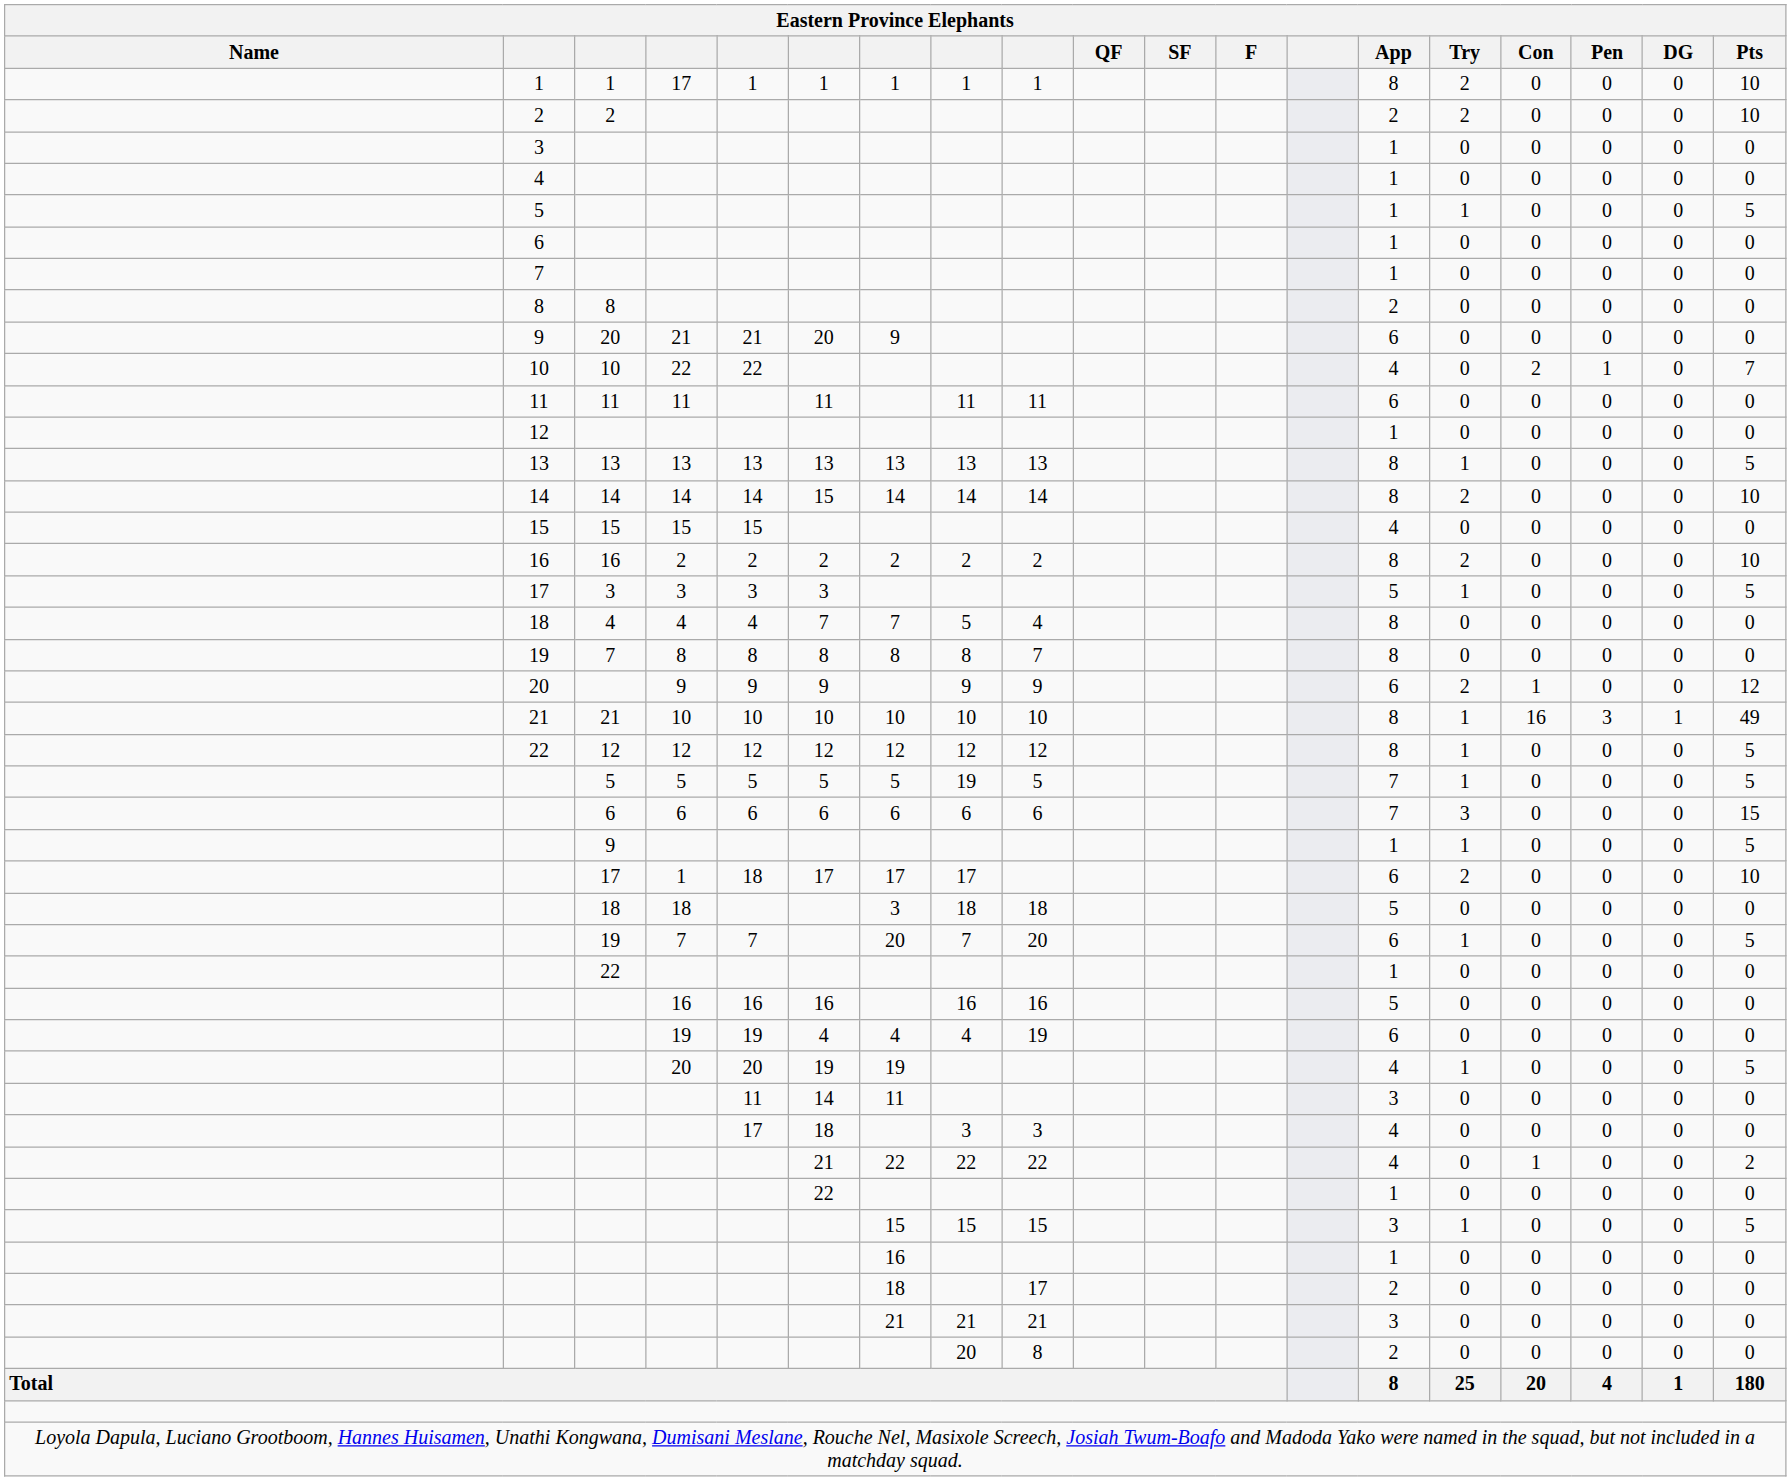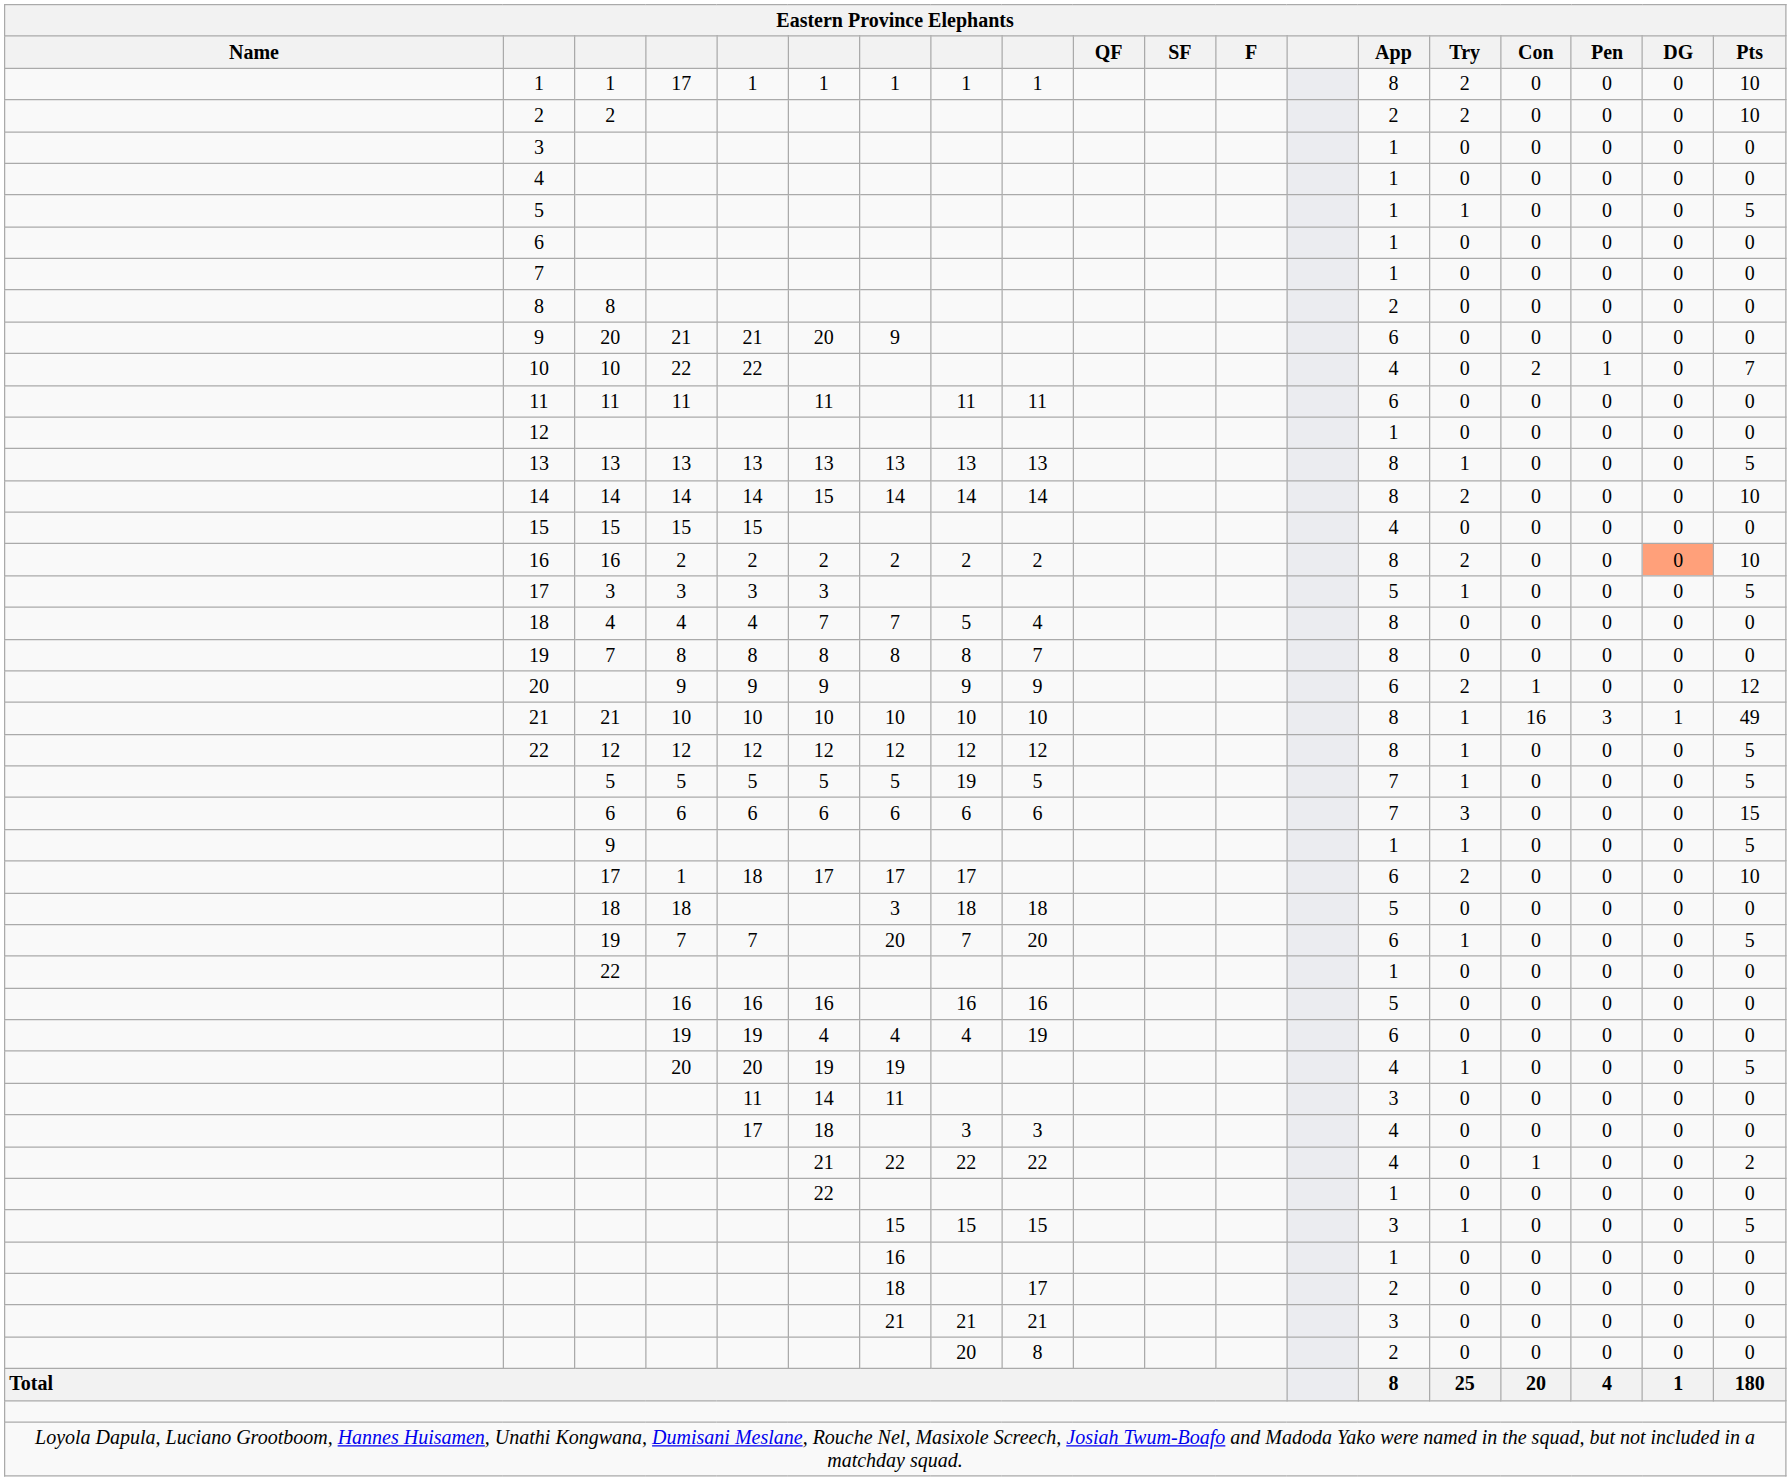 <table class="wikitable collapsible collapsed" style="text-align:center; font-size:100%; width:90%">
 <tr>
 <th colspan="100%">Eastern Province Elephants</th>
 </tr>
 <tr>
 <th style="width:28%;">Name</th>
 <th style="width:4%;"></th>
 <th style="width:4%;"></th>
 <th style="width:4%;"></th>
 <th style="width:4%;"></th>
 <th style="width:4%;"></th>
 <th style="width:4%;"></th>
 <th style="width:4%;"></th>
 <th style="width:4%;"></th>
 <th style="width:4%;">QF</th>
 <th style="width:4%;">SF</th>
 <th style="width:4%;">F</th>
 <th style="width:4%;"></th>
 <th style="width:4%;">App</th>
 <th style="width:4%;">Try</th>
 <th style="width:4%;">Con</th>
 <th style="width:4%;">Pen</th>
 <th style="width:4%;">DG</th>
 <th style="width:4%;">Pts</th>
 </tr>
 <tr>
 <td style="text-align:left;"></td>
 <td>1</td>
 <td>1</td>
 <td>17 </td>
 <td>1</td>
 <td>1</td>
 <td>1</td>
 <td>1</td>
 <td>1</td>
 <td></td>
 <td></td>
 <td></td>
 <td style="background:#EBECF0;"></td>
 <td>8</td>
 <td>2</td>
 <td>0</td>
 <td>0</td>
 <td>0</td>
 <td>10</td>
 </tr>
 <tr>
 <td style="text-align:left;"></td>
 <td>2</td>
 <td>2</td>
 <td></td>
 <td></td>
 <td></td>
 <td></td>
 <td></td>
 <td></td>
 <td></td>
 <td></td>
 <td></td>
 <td style="background:#EBECF0;"></td>
 <td>2</td>
 <td>2</td>
 <td>0</td>
 <td>0</td>
 <td>0</td>
 <td>10</td>
 </tr>
 <tr>
 <td style="text-align:left;"></td>
 <td>3</td>
 <td></td>
 <td></td>
 <td></td>
 <td></td>
 <td></td>
 <td></td>
 <td></td>
 <td></td>
 <td></td>
 <td></td>
 <td style="background:#EBECF0;"></td>
 <td>1</td>
 <td>0</td>
 <td>0</td>
 <td>0</td>
 <td>0</td>
 <td>0</td>
 </tr>
 <tr>
 <td style="text-align:left;"></td>
 <td>4</td>
 <td></td>
 <td></td>
 <td></td>
 <td></td>
 <td></td>
 <td></td>
 <td></td>
 <td></td>
 <td></td>
 <td></td>
 <td style="background:#EBECF0;"></td>
 <td>1</td>
 <td>0</td>
 <td>0</td>
 <td>0</td>
 <td>0</td>
 <td>0</td>
 </tr>
 <tr>
 <td style="text-align:left;"></td>
 <td>5</td>
 <td></td>
 <td></td>
 <td></td>
 <td></td>
 <td></td>
 <td></td>
 <td></td>
 <td></td>
 <td></td>
 <td></td>
 <td style="background:#EBECF0;"></td>
 <td>1</td>
 <td>1</td>
 <td>0</td>
 <td>0</td>
 <td>0</td>
 <td>5</td>
 </tr>
 <tr>
 <td style="text-align:left;"></td>
 <td>6</td>
 <td></td>
 <td></td>
 <td></td>
 <td></td>
 <td></td>
 <td></td>
 <td></td>
 <td></td>
 <td></td>
 <td></td>
 <td style="background:#EBECF0;"></td>
 <td>1</td>
 <td>0</td>
 <td>0</td>
 <td>0</td>
 <td>0</td>
 <td>0</td>
 </tr>
 <tr>
 <td style="text-align:left;"></td>
 <td>7</td>
 <td></td>
 <td></td>
 <td></td>
 <td></td>
 <td></td>
 <td></td>
 <td></td>
 <td></td>
 <td></td>
 <td></td>
 <td style="background:#EBECF0;"></td>
 <td>1</td>
 <td>0</td>
 <td>0</td>
 <td>0</td>
 <td>0</td>
 <td>0</td>
 </tr>
 <tr>
 <td style="text-align:left;"></td>
 <td>8</td>
 <td>8</td>
 <td></td>
 <td></td>
 <td></td>
 <td></td>
 <td></td>
 <td></td>
 <td></td>
 <td></td>
 <td></td>
 <td style="background:#EBECF0;"></td>
 <td>2</td>
 <td>0</td>
 <td>0</td>
 <td>0</td>
 <td>0</td>
 <td>0</td>
 </tr>
 <tr>
 <td style="text-align:left;"></td>
 <td>9</td>
 <td>20 </td>
 <td>21 </td>
 <td>21 </td>
 <td>20 </td>
 <td>9</td>
 <td></td>
 <td></td>
 <td></td>
 <td></td>
 <td></td>
 <td style="background:#EBECF0;"></td>
 <td>6</td>
 <td>0</td>
 <td>0</td>
 <td>0</td>
 <td>0</td>
 <td>0</td>
 </tr>
 <tr>
 <td style="text-align:left;"></td>
 <td>10</td>
 <td>10</td>
 <td>22 </td>
 <td>22 </td>
 <td></td>
 <td></td>
 <td></td>
 <td></td>
 <td></td>
 <td></td>
 <td></td>
 <td style="background:#EBECF0;"></td>
 <td>4</td>
 <td>0</td>
 <td>2</td>
 <td>1</td>
 <td>0</td>
 <td>7</td>
 </tr>
 <tr>
 <td style="text-align:left;"></td>
 <td>11</td>
 <td>11</td>
 <td>11</td>
 <td></td>
 <td>11</td>
 <td></td>
 <td>11</td>
 <td>11</td>
 <td></td>
 <td></td>
 <td></td>
 <td style="background:#EBECF0;"></td>
 <td>6</td>
 <td>0</td>
 <td>0</td>
 <td>0</td>
 <td>0</td>
 <td>0</td>
 </tr>
 <tr>
 <td style="text-align:left;"></td>
 <td>12</td>
 <td></td>
 <td></td>
 <td></td>
 <td></td>
 <td></td>
 <td></td>
 <td></td>
 <td></td>
 <td></td>
 <td></td>
 <td style="background:#EBECF0;"></td>
 <td>1</td>
 <td>0</td>
 <td>0</td>
 <td>0</td>
 <td>0</td>
 <td>0</td>
 </tr>
 <tr>
 <td style="text-align:left;"></td>
 <td>13</td>
 <td>13</td>
 <td>13</td>
 <td>13</td>
 <td>13</td>
 <td>13</td>
 <td>13</td>
 <td>13</td>
 <td></td>
 <td></td>
 <td></td>
 <td style="background:#EBECF0;"></td>
 <td>8</td>
 <td>1</td>
 <td>0</td>
 <td>0</td>
 <td>0</td>
 <td>5</td>
 </tr>
 <tr>
 <td style="text-align:left;"></td>
 <td>14</td>
 <td>14</td>
 <td>14</td>
 <td>14</td>
 <td>15</td>
 <td>14</td>
 <td>14</td>
 <td>14</td>
 <td></td>
 <td></td>
 <td></td>
 <td style="background:#EBECF0;"></td>
 <td>8</td>
 <td>2</td>
 <td>0</td>
 <td>0</td>
 <td>0</td>
 <td>10</td>
 </tr>
 <tr>
 <td style="text-align:left;"></td>
 <td>15</td>
 <td>15</td>
 <td>15</td>
 <td>15</td>
 <td></td>
 <td></td>
 <td></td>
 <td></td>
 <td></td>
 <td></td>
 <td></td>
 <td style="background:#EBECF0;"></td>
 <td>4</td>
 <td>0</td>
 <td>0</td>
 <td>0</td>
 <td>0</td>
 <td>0</td>
 </tr>
 <tr>
 <td style="text-align:left;"></td>
 <td>16 </td>
 <td>16 </td>
 <td>2</td>
 <td>2</td>
 <td>2</td>
 <td>2</td>
 <td>2</td>
 <td>2</td>
 <td></td>
 <td></td>
 <td></td>
 <td style="background:#EBECF0;"></td>
 <td>8</td>
 <td>2</td>
 <td>0</td>
 <td>0</td>
-<td>0</td>
+<td style="background: lightsalmon;">0</td>
 <td>10</td>
 </tr>
 <tr>
 <td style="text-align:left;"></td>
 <td>17 </td>
 <td>3</td>
 <td>3</td>
 <td>3</td>
 <td>3</td>
 <td></td>
 <td></td>
 <td></td>
 <td></td>
 <td></td>
 <td></td>
 <td style="background:#EBECF0;"></td>
 <td>5</td>
 <td>1</td>
 <td>0</td>
 <td>0</td>
 <td>0</td>
 <td>5</td>
 </tr>
 <tr>
 <td style="text-align:left;"></td>
 <td>18 </td>
 <td>4</td>
 <td>4</td>
 <td>4</td>
 <td>7</td>
 <td>7</td>
 <td>5</td>
 <td>4</td>
 <td></td>
 <td></td>
 <td></td>
 <td style="background:#EBECF0;"></td>
 <td>8</td>
 <td>0</td>
 <td>0</td>
 <td>0</td>
 <td>0</td>
 <td>0</td>
 </tr>
 <tr>
 <td style="text-align:left;"></td>
 <td>19 </td>
 <td>7</td>
 <td>8</td>
 <td>8</td>
 <td>8</td>
 <td>8</td>
 <td>8</td>
 <td>7</td>
 <td></td>
 <td></td>
 <td></td>
 <td style="background:#EBECF0;"></td>
 <td>8</td>
 <td>0</td>
 <td>0</td>
 <td>0</td>
 <td>0</td>
 <td>0</td>
 </tr>
 <tr>
 <td style="text-align:left;"></td>
 <td>20 </td>
 <td></td>
 <td>9</td>
 <td>9</td>
 <td>9</td>
 <td></td>
 <td>9</td>
 <td>9</td>
 <td></td>
 <td></td>
 <td></td>
 <td style="background:#EBECF0;"></td>
 <td>6</td>
 <td>2</td>
 <td>1</td>
 <td>0</td>
 <td>0</td>
 <td>12</td>
 </tr>
 <tr>
 <td style="text-align:left;"></td>
 <td>21 </td>
 <td>21 </td>
 <td>10</td>
 <td>10</td>
 <td>10</td>
 <td>10</td>
 <td>10</td>
 <td>10</td>
 <td></td>
 <td></td>
 <td></td>
 <td style="background:#EBECF0;"></td>
 <td>8</td>
 <td>1</td>
 <td>16</td>
 <td>3</td>
 <td>1</td>
 <td>49</td>
 </tr>
 <tr>
 <td style="text-align:left;"></td>
 <td>22 </td>
 <td>12</td>
 <td>12</td>
 <td>12</td>
 <td>12</td>
 <td>12</td>
 <td>12</td>
 <td>12</td>
 <td></td>
 <td></td>
 <td></td>
 <td style="background:#EBECF0;"></td>
 <td>8</td>
 <td>1</td>
 <td>0</td>
 <td>0</td>
 <td>0</td>
 <td>5</td>
 </tr>
 <tr>
 <td style="text-align:left;"></td>
 <td></td>
 <td>5</td>
 <td>5</td>
 <td>5</td>
 <td>5</td>
 <td>5</td>
 <td>19 </td>
 <td>5</td>
 <td></td>
 <td></td>
 <td></td>
 <td style="background:#EBECF0;"></td>
 <td>7</td>
 <td>1</td>
 <td>0</td>
 <td>0</td>
 <td>0</td>
 <td>5</td>
 </tr>
 <tr>
 <td style="text-align:left;"></td>
 <td></td>
 <td>6</td>
 <td>6</td>
 <td>6</td>
 <td>6</td>
 <td>6</td>
 <td>6</td>
 <td>6</td>
 <td></td>
 <td></td>
 <td></td>
 <td style="background:#EBECF0;"></td>
 <td>7</td>
 <td>3</td>
 <td>0</td>
 <td>0</td>
 <td>0</td>
 <td>15</td>
 </tr>
 <tr>
 <td style="text-align:left;"></td>
 <td></td>
 <td>9</td>
 <td></td>
 <td></td>
 <td></td>
 <td></td>
 <td></td>
 <td></td>
 <td></td>
 <td></td>
 <td></td>
 <td style="background:#EBECF0;"></td>
 <td>1</td>
 <td>1</td>
 <td>0</td>
 <td>0</td>
 <td>0</td>
 <td>5</td>
 </tr>
 <tr>
 <td style="text-align:left;"></td>
 <td></td>
 <td>17 </td>
 <td>1</td>
 <td>18 </td>
 <td>17 </td>
 <td>17 </td>
 <td>17 </td>
 <td></td>
 <td></td>
 <td></td>
 <td></td>
 <td style="background:#EBECF0;"></td>
 <td>6</td>
 <td>2</td>
 <td>0</td>
 <td>0</td>
 <td>0</td>
 <td>10</td>
 </tr>
 <tr>
 <td style="text-align:left;"></td>
 <td></td>
 <td>18 </td>
 <td>18 </td>
 <td></td>
 <td></td>
 <td>3</td>
 <td>18 </td>
 <td>18 </td>
 <td></td>
 <td></td>
 <td></td>
 <td style="background:#EBECF0;"></td>
 <td>5</td>
 <td>0</td>
 <td>0</td>
 <td>0</td>
 <td>0</td>
 <td>0</td>
 </tr>
 <tr>
 <td style="text-align:left;"></td>
 <td></td>
 <td>19 </td>
 <td>7</td>
 <td>7</td>
 <td></td>
 <td>20 </td>
 <td>7</td>
 <td>20 </td>
 <td></td>
 <td></td>
 <td></td>
 <td style="background:#EBECF0;"></td>
 <td>6</td>
 <td>1</td>
 <td>0</td>
 <td>0</td>
 <td>0</td>
 <td>5</td>
 </tr>
 <tr>
 <td style="text-align:left;"></td>
 <td></td>
 <td>22 </td>
 <td></td>
 <td></td>
 <td></td>
 <td></td>
 <td></td>
 <td></td>
 <td></td>
 <td></td>
 <td></td>
 <td style="background:#EBECF0;"></td>
 <td>1</td>
 <td>0</td>
 <td>0</td>
 <td>0</td>
 <td>0</td>
 <td>0</td>
 </tr>
 <tr>
 <td style="text-align:left;"></td>
 <td></td>
 <td></td>
 <td>16 </td>
 <td>16 </td>
 <td>16 </td>
 <td></td>
 <td>16 </td>
 <td>16 </td>
 <td></td>
 <td></td>
 <td></td>
 <td style="background:#EBECF0;"></td>
 <td>5</td>
 <td>0</td>
 <td>0</td>
 <td>0</td>
 <td>0</td>
 <td>0</td>
 </tr>
 <tr>
 <td style="text-align:left;"></td>
 <td></td>
 <td></td>
 <td>19 </td>
 <td>19 </td>
 <td>4</td>
 <td>4</td>
 <td>4</td>
 <td>19 </td>
 <td></td>
 <td></td>
 <td></td>
 <td style="background:#EBECF0;"></td>
 <td>6</td>
 <td>0</td>
 <td>0</td>
 <td>0</td>
 <td>0</td>
 <td>0</td>
 </tr>
 <tr>
 <td style="text-align:left;"></td>
 <td></td>
 <td></td>
 <td>20 </td>
 <td>20 </td>
 <td>19 </td>
 <td>19 </td>
 <td></td>
 <td></td>
 <td></td>
 <td></td>
 <td></td>
 <td style="background:#EBECF0;"></td>
 <td>4</td>
 <td>1</td>
 <td>0</td>
 <td>0</td>
 <td>0</td>
 <td>5</td>
 </tr>
 <tr>
 <td style="text-align:left;"></td>
 <td></td>
 <td></td>
 <td></td>
 <td>11</td>
 <td>14</td>
 <td>11</td>
 <td></td>
 <td></td>
 <td></td>
 <td></td>
 <td></td>
 <td style="background:#EBECF0;"></td>
 <td>3</td>
 <td>0</td>
 <td>0</td>
 <td>0</td>
 <td>0</td>
 <td>0</td>
 </tr>
 <tr>
 <td style="text-align:left;"></td>
 <td></td>
 <td></td>
 <td></td>
 <td>17 </td>
 <td>18 </td>
 <td></td>
 <td>3</td>
 <td>3</td>
 <td></td>
 <td></td>
 <td></td>
 <td style="background:#EBECF0;"></td>
 <td>4</td>
 <td>0</td>
 <td>0</td>
 <td>0</td>
 <td>0</td>
 <td>0</td>
 </tr>
 <tr>
 <td style="text-align:left;"></td>
 <td></td>
 <td></td>
 <td></td>
 <td></td>
 <td>21 </td>
 <td>22 </td>
 <td>22 </td>
 <td>22 </td>
 <td></td>
 <td></td>
 <td></td>
 <td style="background:#EBECF0;"></td>
 <td>4</td>
 <td>0</td>
 <td>1</td>
 <td>0</td>
 <td>0</td>
 <td>2</td>
 </tr>
 <tr>
 <td style="text-align:left;"></td>
 <td></td>
 <td></td>
 <td></td>
 <td></td>
 <td>22 </td>
 <td></td>
 <td></td>
 <td></td>
 <td></td>
 <td></td>
 <td></td>
 <td style="background:#EBECF0;"></td>
 <td>1</td>
 <td>0</td>
 <td>0</td>
 <td>0</td>
 <td>0</td>
 <td>0</td>
 </tr>
 <tr>
 <td style="text-align:left;"></td>
 <td></td>
 <td></td>
 <td></td>
 <td></td>
 <td></td>
 <td>15</td>
 <td>15</td>
 <td>15</td>
 <td></td>
 <td></td>
 <td></td>
 <td style="background:#EBECF0;"></td>
 <td>3</td>
 <td>1</td>
 <td>0</td>
 <td>0</td>
 <td>0</td>
 <td>5</td>
 </tr>
 <tr>
 <td style="text-align:left;"></td>
 <td></td>
 <td></td>
 <td></td>
 <td></td>
 <td></td>
 <td>16 </td>
 <td></td>
 <td></td>
 <td></td>
 <td></td>
 <td></td>
 <td style="background:#EBECF0;"></td>
 <td>1</td>
 <td>0</td>
 <td>0</td>
 <td>0</td>
 <td>0</td>
 <td>0</td>
 </tr>
 <tr>
 <td style="text-align:left;"></td>
 <td></td>
 <td></td>
 <td></td>
 <td></td>
 <td></td>
 <td>18 </td>
 <td></td>
 <td>17 </td>
 <td></td>
 <td></td>
 <td></td>
 <td style="background:#EBECF0;"></td>
 <td>2</td>
 <td>0</td>
 <td>0</td>
 <td>0</td>
 <td>0</td>
 <td>0</td>
 </tr>
 <tr>
 <td style="text-align:left;"></td>
 <td></td>
 <td></td>
 <td></td>
 <td></td>
 <td></td>
 <td>21 </td>
 <td>21 </td>
 <td>21 </td>
 <td></td>
 <td></td>
 <td></td>
 <td style="background:#EBECF0;"></td>
 <td>3</td>
 <td>0</td>
 <td>0</td>
 <td>0</td>
 <td>0</td>
 <td>0</td>
 </tr>
 <tr>
 <td style="text-align:left;"></td>
 <td></td>
 <td></td>
 <td></td>
 <td></td>
 <td></td>
 <td></td>
 <td>20 </td>
 <td>8</td>
 <td></td>
 <td></td>
 <td></td>
 <td style="background:#EBECF0;"></td>
 <td>2</td>
 <td>0</td>
 <td>0</td>
 <td>0</td>
 <td>0</td>
 <td>0</td>
 </tr>
 <tr>
 <th colspan="12" style="text-align:left;">Total</th>
 <th style="background:#EBECF0;"></th>
 <th>8</th>
 <th>25</th>
 <th>20</th>
 <th>4</th>
 <th>1</th>
 <th>180</th>
 </tr>
 <tr class="sortbottom">
 <td colspan="100%" style="height: 10px;"></td>
 </tr>
 <tr class="sortbottom">
 <td colspan="100%" style="text-align:center;"><em>Loyola Dapula, Luciano Grootboom, <a href='#'>Hannes Huisamen</a>, Unathi Kongwana, <a href='#'>Dumisani Meslane</a>, Rouche Nel, Masixole Screech, <a href='#'>Josiah Twum-Boafo</a> and Madoda Yako were named in the squad, but not included in a matchday squad.</em></td>
 </tr>
 </table>
